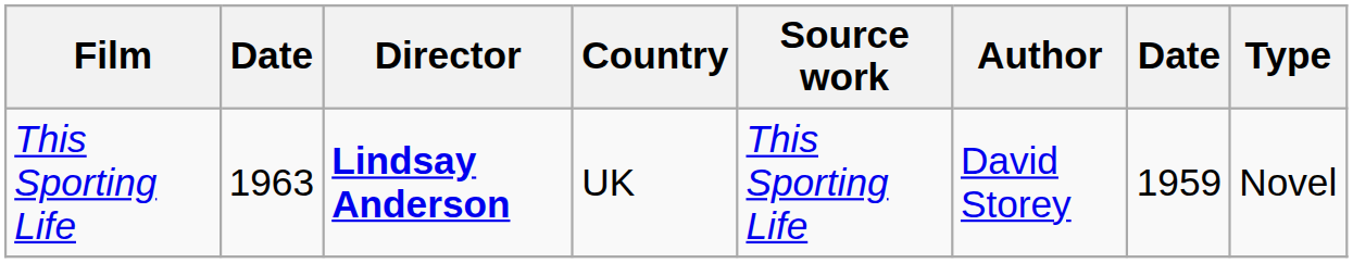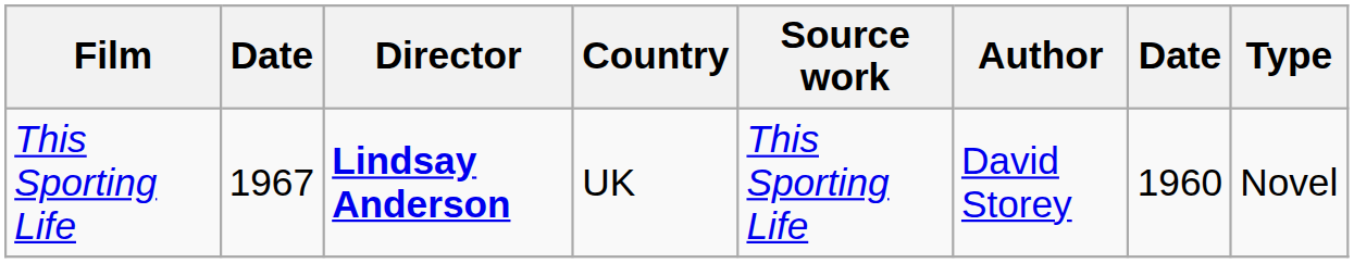 <table class="wikitable" style=width:90%>
 <tr style="background:#CCCCCC;">
 <th>Film</th>
 <th>Date</th>
 <th>Director</th>
 <th>Country</th>
 <th>Source work</th>
 <th>Author</th>
 <th>Date</th>
 <th>Type</th>
 </tr>
 <tr>
 <td><em><a href='#'>This Sporting Life</a></em></td>
-<td>1963</td>
+<td>1967</td>
 <td><strong><a href='#'>Lindsay Anderson</a></strong></td>
 <td>UK</td>
 <td><em><a href='#'>This Sporting Life</a></em></td>
 <td><a href='#'>David Storey</a></td>
-<td>1959</td>
+<td>1960</td>
 <td>Novel</td>
 </tr>
 <tr>
 </tr>
 </table>
